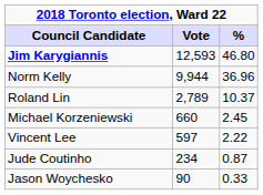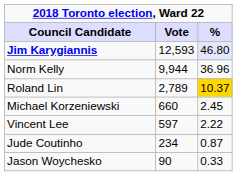 <table class="wikitable">
 <tr>
 <td Colspan="3" align="center"><strong><a href='#'>2018 Toronto election</a>, Ward 22</strong></td>
 </tr>
 <tr>
 <th style="background:#ddf; width:200px;">Council Candidate</th>
 <th style="background:#ddf; width:50px;">Vote</th>
 <th style="background:#ddf; width:30px;">%</th>
 </tr>
 <tr>
 <td><strong><a href='#'>Jim Karygiannis</a></strong></td>
 <td>12,593</td>
-<td>46.80</td>
+<td style="background: lavender;">46.80</td>
 </tr>
 <tr>
 <td>Norm Kelly</td>
 <td>9,944</td>
 <td>36.96</td>
 </tr>
 <tr>
 <td>Roland Lin</td>
 <td>2,789</td>
-<td>10.37</td>
+<td style="background: gold;">10.37</td>
 </tr>
 <tr>
 <td>Michael Korzeniewski</td>
 <td>660</td>
 <td>2.45</td>
 </tr>
 <tr>
 <td>Vincent Lee</td>
 <td>597</td>
 <td>2.22</td>
 </tr>
 <tr>
 <td>Jude Coutinho</td>
 <td>234</td>
 <td>0.87</td>
 </tr>
 <tr>
 <td>Jason Woychesko</td>
 <td>90</td>
 <td>0.33</td>
 </tr>
 </table>
